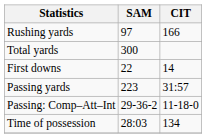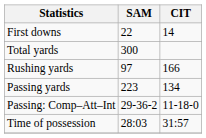 <table class="wikitable" style="float: left;">
 <tr>
 <th>Statistics</th>
 <th>SAM</th>
 <th>CIT</th>
 </tr>
 <tr>
-<td>Rushing yards</td>
-<td>97</td>
-<td>166</td>
+<td>First downs</td>
+<td>22</td>
+<td>14</td>
 </tr>
 <tr>
 <td>Total yards</td>
 <td 320>300</td>
 </tr>
 <tr>
-<td>First downs</td>
-<td>22</td>
-<td>14</td>
+<td>Rushing yards</td>
+<td>97</td>
+<td>166</td>
 </tr>
 <tr>
 <td>Passing yards</td>
 <td>223</td>
-<td>31:57</td>
+<td>134</td>
 </tr>
 <tr>
 <td>Passing: Comp–Att–Int</td>
 <td>29-36-2</td>
 <td>11-18-0</td>
 </tr>
 <tr>
 <td>Time of possession</td>
 <td>28:03</td>
-<td>134</td>
+<td>31:57</td>
 </tr>
 <tr>
 </tr>
 </table>
